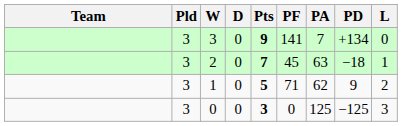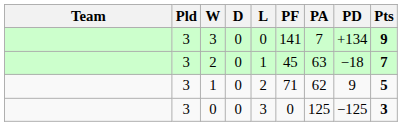 <table class="wikitable" style="text-align:center">
 <tr>
 <th width=175>Team</th>
 <th style="width:20px;" abbr="Played">Pld</th>
 <th style="width:20px;" abbr="Won">W</th>
 <th style="width:20px;" abbr="Drawn">D</th>
-<th style="width:20px;" abbr="Points">Pts</th>
+<th style="width:20px;" abbr="Lost">L</th>
 <th style="width:20px;" abbr="Points for">PF</th>
 <th style="width:20px;" abbr="Points against">PA</th>
 <th style="width:25px;" abbr="Points difference">PD</th>
-<th style="width:20px;" abbr="Lost">L</th>
+<th style="width:20px;" abbr="Points">Pts</th>
 </tr>
 <tr style="background:#cfc;">
 <td align=left></td>
 <td>3</td>
 <td>3</td>
 <td>0</td>
-<td><strong>9</strong></td>
+<td>0</td>
 <td>141</td>
 <td>7</td>
 <td>+134</td>
-<td>0</td>
+<td><strong>9</strong></td>
 </tr>
 <tr style="background:#cfc;">
 <td align=left></td>
 <td>3</td>
 <td>2</td>
 <td>0</td>
-<td><strong>7</strong></td>
+<td>1</td>
 <td>45</td>
 <td>63</td>
 <td>−18</td>
-<td>1</td>
+<td><strong>7</strong></td>
 </tr>
 <tr>
 <td align=left></td>
 <td>3</td>
 <td>1</td>
 <td>0</td>
-<td><strong>5</strong></td>
+<td>2</td>
 <td>71</td>
 <td>62</td>
 <td>9</td>
-<td>2</td>
+<td><strong>5</strong></td>
 </tr>
 <tr>
 <td align=left></td>
 <td>3</td>
 <td>0</td>
 <td>0</td>
-<td><strong>3</strong></td>
+<td>3</td>
 <td>0</td>
 <td>125</td>
 <td>−125</td>
-<td>3</td>
+<td><strong>3</strong></td>
 </tr>
 </table>
